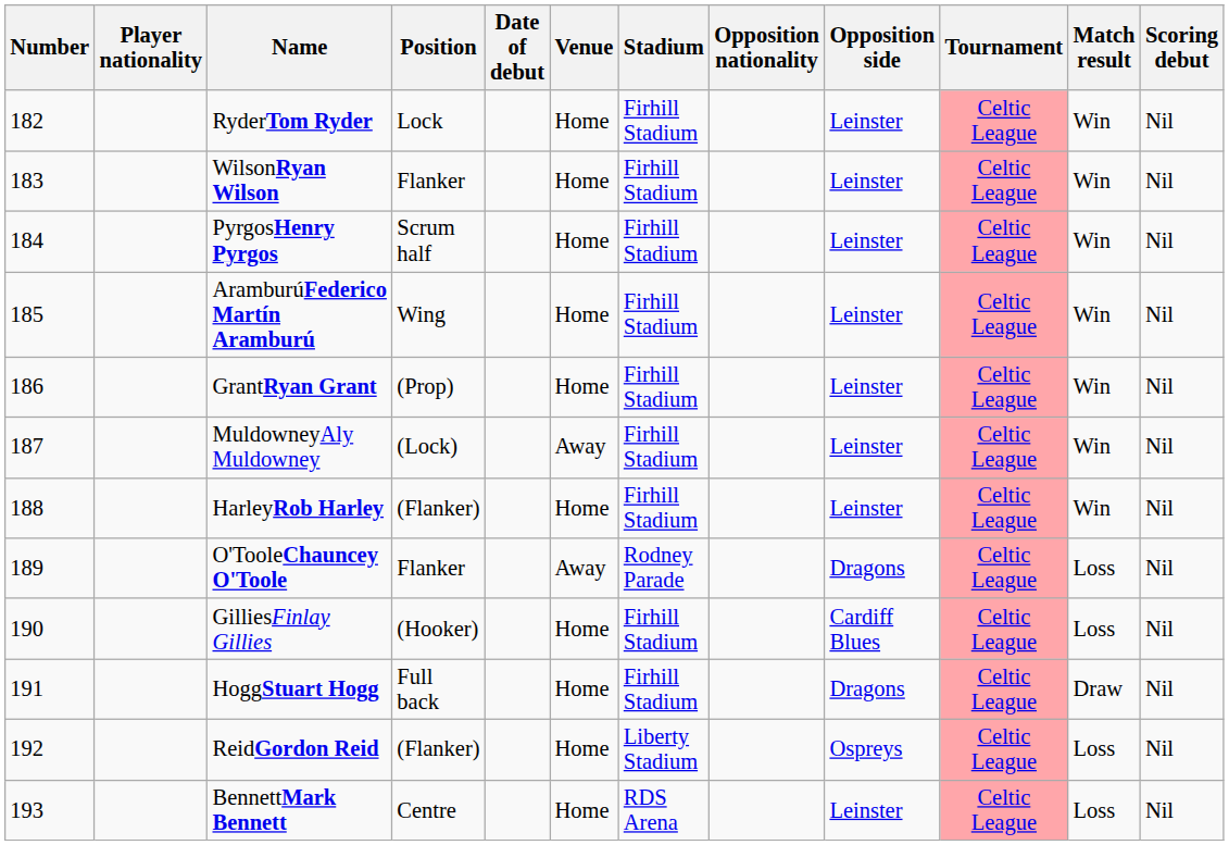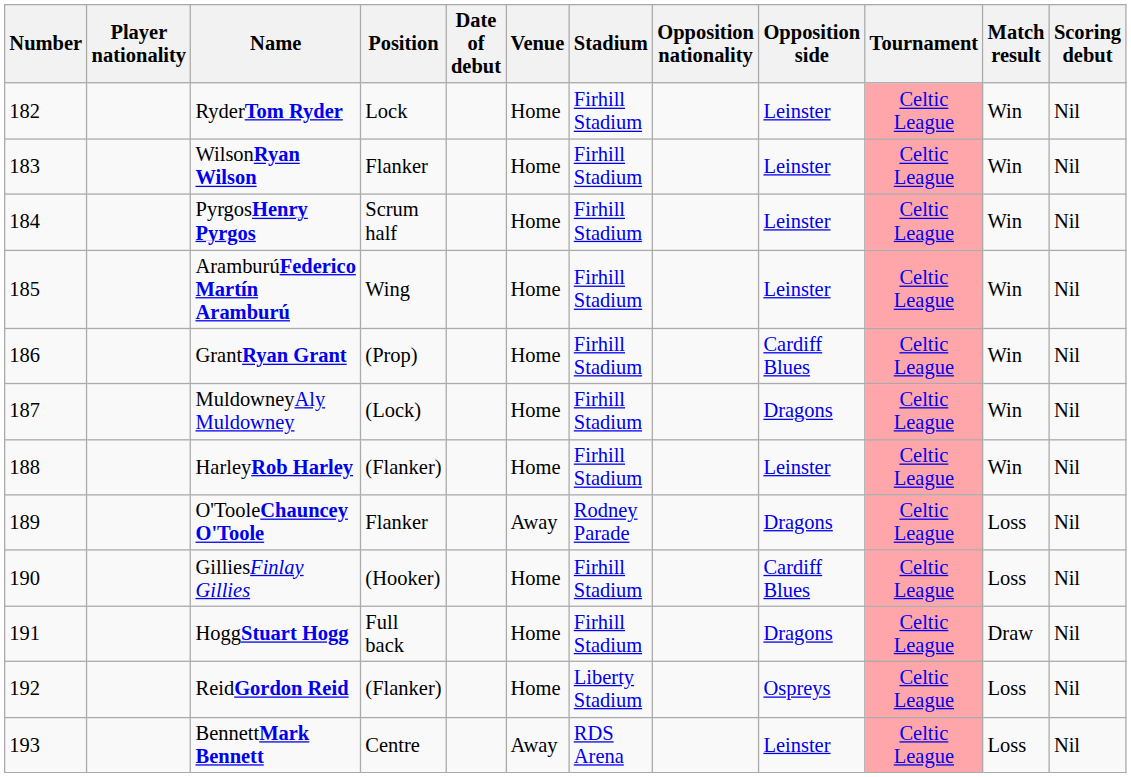 <table class="sortable wikitable">
 <tr>
 <th data-sort-type="number">Number</th>
 <th>Player nationality</th>
 <th>Name</th>
 <th>Position</th>
 <th>Date of debut</th>
 <th>Venue</th>
 <th>Stadium</th>
 <th>Opposition nationality</th>
 <th>Opposition side</th>
 <th>Tournament</th>
 <th>Match result</th>
 <th>Scoring debut</th>
 </tr>
 <tr>
 <td>182</td>
 <td style="text-align:center;"></td>
 <td><span>Ryder</span><strong><a href='#'>Tom Ryder</a></strong></td>
 <td>Lock</td>
 <td></td>
 <td>Home</td>
 <td><a href='#'>Firhill Stadium</a></td>
 <td style="text-align:center;"></td>
 <td><a href='#'>Leinster</a></td>
 <td style="text-align:center; background:#FFA6AA;"><a href='#'>Celtic League</a></td>
 <td>Win</td>
 <td>Nil</td>
 </tr>
 <tr>
 <td>183</td>
 <td style="text-align:center;"></td>
 <td><span>Wilson</span><strong><a href='#'>Ryan Wilson</a></strong></td>
 <td>Flanker</td>
 <td></td>
 <td>Home</td>
 <td><a href='#'>Firhill Stadium</a></td>
 <td style="text-align:center;"></td>
 <td><a href='#'>Leinster</a></td>
 <td style="text-align:center; background:#FFA6AA;"><a href='#'>Celtic League</a></td>
 <td>Win</td>
 <td>Nil</td>
 </tr>
 <tr>
 <td>184</td>
 <td style="text-align:center;"></td>
 <td><span>Pyrgos</span><strong><a href='#'>Henry Pyrgos</a></strong></td>
 <td>Scrum half</td>
 <td></td>
 <td>Home</td>
 <td><a href='#'>Firhill Stadium</a></td>
 <td style="text-align:center;"></td>
 <td><a href='#'>Leinster</a></td>
 <td style="text-align:center; background:#FFA6AA;"><a href='#'>Celtic League</a></td>
 <td>Win</td>
 <td>Nil</td>
 </tr>
 <tr>
 <td>185</td>
 <td style="text-align:center;"></td>
 <td><span>Aramburú</span><strong><a href='#'>Federico Martín Aramburú</a></strong></td>
 <td>Wing</td>
 <td></td>
 <td>Home</td>
 <td><a href='#'>Firhill Stadium</a></td>
 <td style="text-align:center;"></td>
 <td><a href='#'>Leinster</a></td>
 <td style="text-align:center; background:#FFA6AA;"><a href='#'>Celtic League</a></td>
 <td>Win</td>
 <td>Nil</td>
 </tr>
 <tr>
 <td>186</td>
 <td style="text-align:center;"></td>
 <td><span>Grant</span><strong><a href='#'>Ryan Grant</a></strong></td>
 <td>(Prop)</td>
 <td></td>
 <td>Home</td>
 <td><a href='#'>Firhill Stadium</a></td>
 <td style="text-align:center;"></td>
-<td><a href='#'>Leinster</a></td>
+<td><a href='#'>Cardiff Blues</a></td>
 <td style="text-align:center; background:#FFA6AA;"><a href='#'>Celtic League</a></td>
 <td>Win</td>
 <td>Nil</td>
 </tr>
 <tr>
 <td>187</td>
 <td style="text-align:center;"></td>
 <td><span>Muldowney</span><a href='#'>Aly Muldowney</a></td>
 <td>(Lock)</td>
 <td></td>
-<td>Away</td>
+<td>Home</td>
 <td><a href='#'>Firhill Stadium</a></td>
 <td style="text-align:center;"></td>
-<td><a href='#'>Leinster</a></td>
+<td><a href='#'>Dragons</a></td>
 <td style="text-align:center; background:#FFA6AA;"><a href='#'>Celtic League</a></td>
 <td>Win</td>
 <td>Nil</td>
 </tr>
 <tr>
 <td>188</td>
 <td style="text-align:center;"></td>
 <td><span>Harley</span><strong><a href='#'>Rob Harley</a></strong></td>
 <td>(Flanker)</td>
 <td></td>
 <td>Home</td>
 <td><a href='#'>Firhill Stadium</a></td>
 <td style="text-align:center;"></td>
 <td><a href='#'>Leinster</a></td>
 <td style="text-align:center; background:#FFA6AA;"><a href='#'>Celtic League</a></td>
 <td>Win</td>
 <td>Nil</td>
 </tr>
 <tr>
 <td>189</td>
 <td style="text-align:center;"></td>
 <td><span>O'Toole</span><strong><a href='#'>Chauncey O'Toole</a></strong></td>
 <td>Flanker</td>
 <td></td>
 <td>Away</td>
 <td><a href='#'>Rodney Parade</a></td>
 <td style="text-align:center;"></td>
 <td><a href='#'>Dragons</a></td>
 <td style="text-align:center; background:#FFA6AA;"><a href='#'>Celtic League</a></td>
 <td>Loss</td>
 <td>Nil</td>
 </tr>
 <tr>
 <td>190</td>
 <td style="text-align:center;"></td>
 <td><span>Gillies</span><em><a href='#'>Finlay Gillies</a></em></td>
 <td>(Hooker)</td>
 <td></td>
 <td>Home</td>
 <td><a href='#'>Firhill Stadium</a></td>
 <td style="text-align:center;"></td>
 <td><a href='#'>Cardiff Blues</a></td>
 <td style="text-align:center; background:#FFA6AA;"><a href='#'>Celtic League</a></td>
 <td>Loss</td>
 <td>Nil</td>
 </tr>
 <tr>
 <td>191</td>
 <td style="text-align:center;"></td>
 <td><span>Hogg</span><strong><a href='#'>Stuart Hogg</a></strong></td>
 <td>Full back</td>
 <td></td>
 <td>Home</td>
 <td><a href='#'>Firhill Stadium</a></td>
 <td style="text-align:center;"></td>
 <td><a href='#'>Dragons</a></td>
 <td style="text-align:center; background:#FFA6AA;"><a href='#'>Celtic League</a></td>
 <td>Draw</td>
 <td>Nil</td>
 </tr>
 <tr>
 <td>192</td>
 <td style="text-align:center;"></td>
 <td><span>Reid</span><strong><a href='#'>Gordon Reid</a></strong></td>
 <td>(Flanker)</td>
 <td></td>
 <td>Home</td>
 <td><a href='#'>Liberty Stadium</a></td>
 <td style="text-align:center;"></td>
 <td><a href='#'>Ospreys</a></td>
 <td style="text-align:center; background:#FFA6AA;"><a href='#'>Celtic League</a></td>
 <td>Loss</td>
 <td>Nil</td>
 </tr>
 <tr>
 <td>193</td>
 <td style="text-align:center;"></td>
 <td><span>Bennett</span><strong><a href='#'>Mark Bennett</a></strong></td>
 <td>Centre</td>
 <td></td>
-<td>Home</td>
+<td>Away</td>
 <td><a href='#'>RDS Arena</a></td>
 <td style="text-align:center;"></td>
 <td><a href='#'>Leinster</a></td>
 <td style="text-align:center; background:#FFA6AA;"><a href='#'>Celtic League</a></td>
 <td>Loss</td>
 <td>Nil</td>
 </tr>
 </table>
